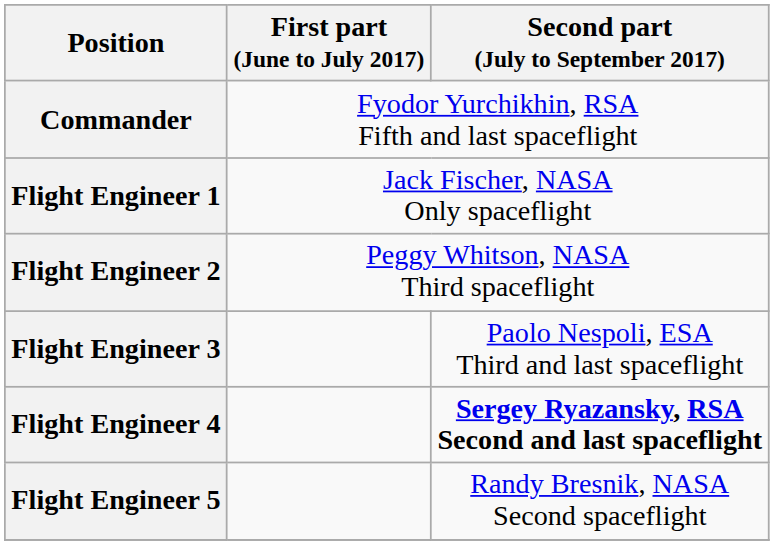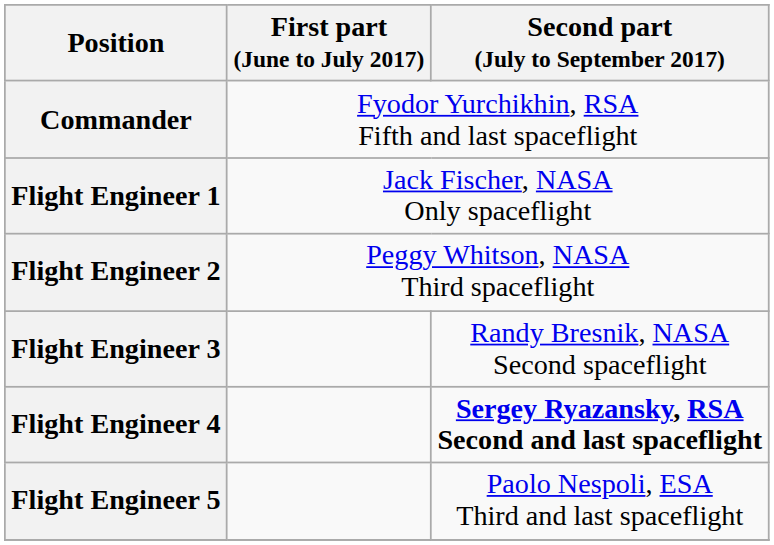 <table class="wikitable">
 <tr>
 <th>Position</th>
 <th>First part<br><small>(June to July 2017)</small></th>
 <th>Second part<br><small>(July to September 2017)</small></th>
 </tr>
 <tr>
 <th>Commander</th>
 <td colspan=2 align=center> <a href='#'>Fyodor Yurchikhin</a>, <a href='#'>RSA</a><br>Fifth and last spaceflight</td>
 </tr>
 <tr>
 <th>Flight Engineer 1</th>
 <td colspan=2 align=center> <a href='#'>Jack Fischer</a>, <a href='#'>NASA</a><br>Only spaceflight</td>
 </tr>
 <tr>
 <th>Flight Engineer 2</th>
 <td colspan=2 align=center> <a href='#'>Peggy Whitson</a>, <a href='#'>NASA</a><br>Third spaceflight</td>
 </tr>
 <tr>
 <th>Flight Engineer 3</th>
 <td></td>
-<td align=center> <a href='#'>Paolo Nespoli</a>, <a href='#'>ESA</a><br>Third and last spaceflight</td>
+<td align=center> <a href='#'>Randy Bresnik</a>, <a href='#'>NASA</a><br>Second spaceflight</td>
 </tr>
 <tr>
 <th>Flight Engineer 4</th>
 <td></td>
 <td align=center><strong> <a href='#'>Sergey Ryazansky</a>, <a href='#'>RSA</a><br>Second and last spaceflight</strong></td>
 </tr>
 <tr>
 <th>Flight Engineer 5</th>
 <td></td>
-<td align=center> <a href='#'>Randy Bresnik</a>, <a href='#'>NASA</a><br>Second spaceflight</td>
+<td align=center> <a href='#'>Paolo Nespoli</a>, <a href='#'>ESA</a><br>Third and last spaceflight</td>
 </tr>
 <tr>
 </tr>
 </table>
